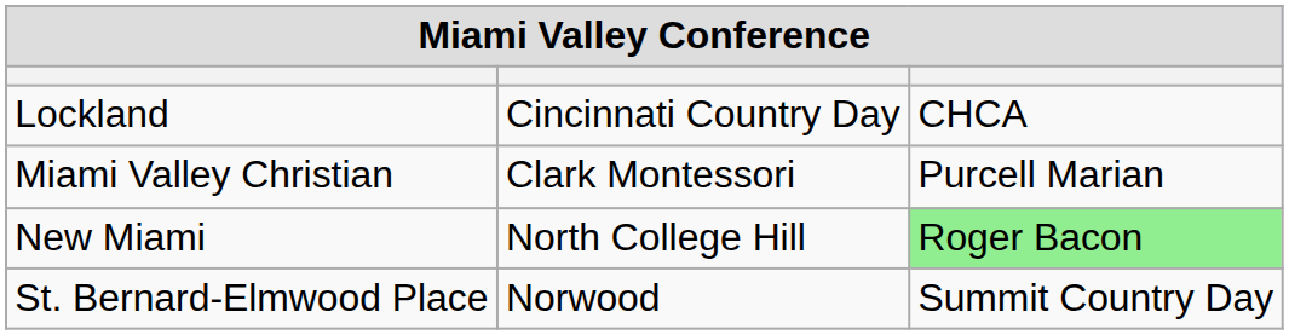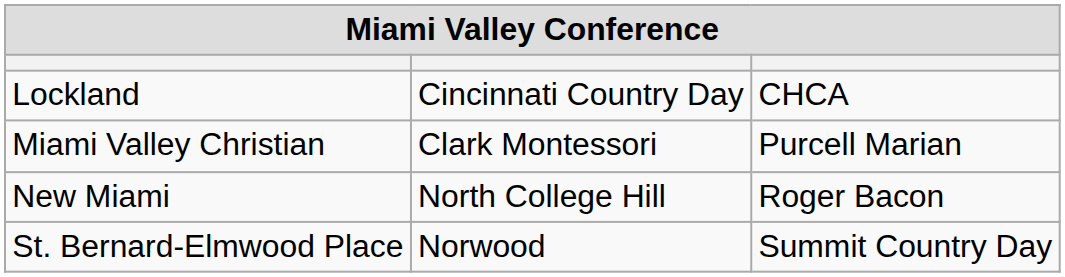 <table class="wikitable">
 <tr style="background:#ccf;">
 <th colspan="4" style="background:#ddd;">Miami Valley Conference</th>
 </tr>
 <tr>
 <th></th>
 <th></th>
 <th></th>
 </tr>
 <tr>
 <td>Lockland</td>
 <td>Cincinnati Country Day</td>
 <td>CHCA</td>
 </tr>
 <tr>
 <td>Miami Valley Christian</td>
 <td>Clark Montessori</td>
 <td>Purcell Marian</td>
 </tr>
 <tr>
 <td>New Miami</td>
 <td>North College Hill</td>
-<td style="background: lightgreen;">Roger Bacon</td>
+<td>Roger Bacon</td>
 </tr>
 <tr>
 <td>St. Bernard-Elmwood Place</td>
 <td>Norwood</td>
 <td>Summit Country Day</td>
 </tr>
 </table>
